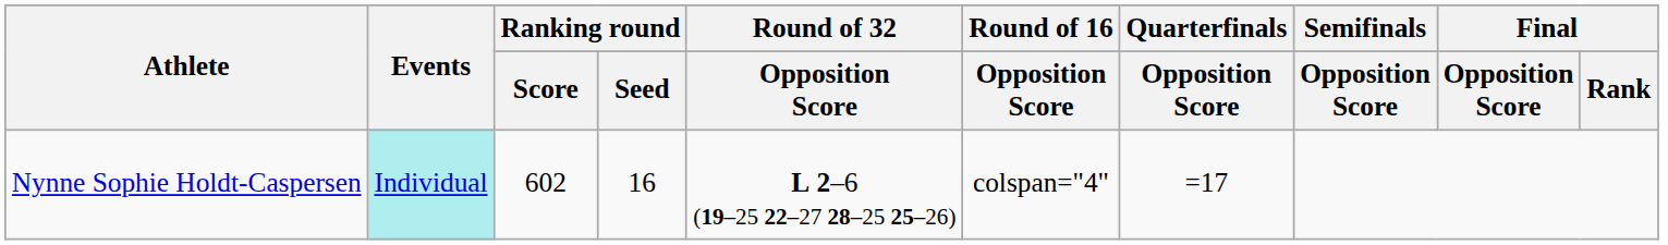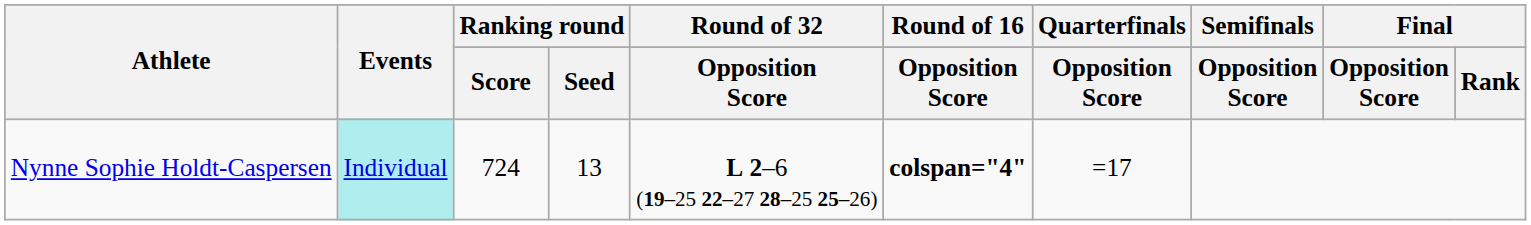 <table class="wikitable" style="font-size:90%; text-align:center;">
 <tr>
 <th rowspan=2>Athlete</th>
 <th rowspan=2>Events</th>
 <th colspan=2>Ranking round</th>
 <th>Round of 32</th>
 <th>Round of 16</th>
 <th>Quarterfinals</th>
 <th>Semifinals</th>
 <th colspan=2>Final</th>
 </tr>
 <tr>
 <th>Score</th>
 <th>Seed</th>
 <th>Opposition<br>Score</th>
 <th>Opposition<br>Score</th>
 <th>Opposition<br>Score</th>
 <th>Opposition<br>Score</th>
 <th>Opposition<br>Score</th>
 <th>Rank</th>
 </tr>
 <tr>
 <td style="text-align:left;"><a href='#'>Nynne Sophie Holdt-Caspersen</a></td>
 <td style="background: paleturquoise; text-align:left;"><a href='#'>Individual</a></td>
-<td>602</td>
-<td>16</td>
+<td>724</td>
+<td>13</td>
 <td><br><strong>L</strong> <strong>2</strong>–6<br><small> (<strong>19</strong>–25 <strong>22</strong>–27 <strong>28</strong>–25 <strong>25</strong>–26)</small></td>
-<td>colspan="4" </td>
+<td><strong>colspan="4" </strong></td>
 <td>=17</td>
 </tr>
 </table>
